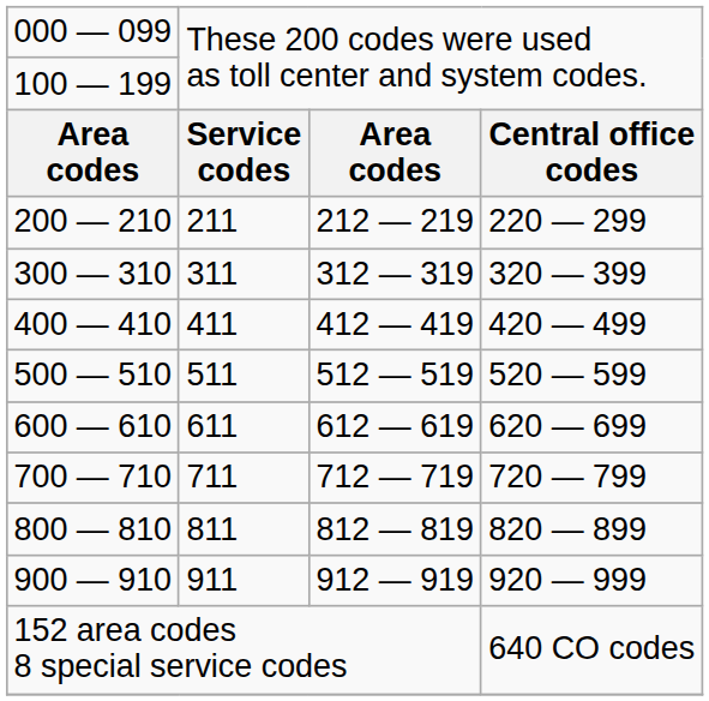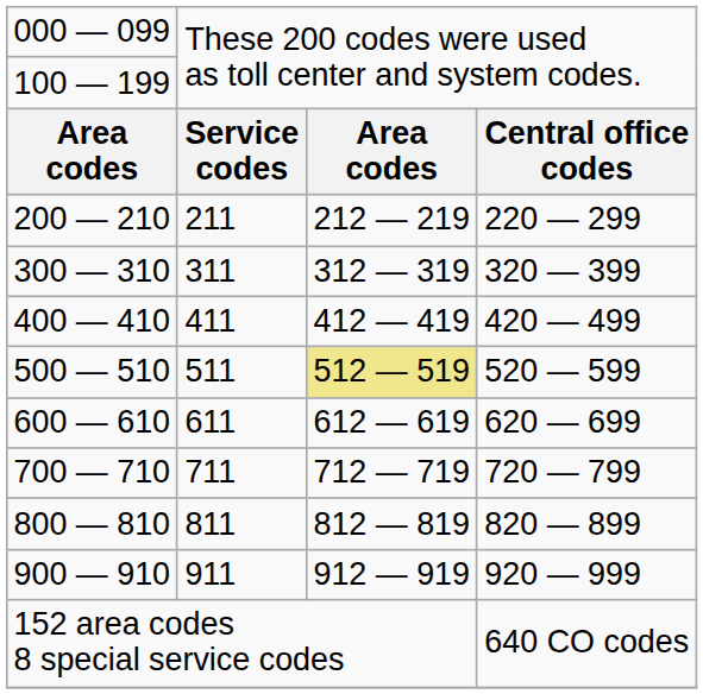 <table class=wikitable style="float:right;">
 <tr>
 <td>000 — 099</td>
 <td rowspan=2 colspan=4>These 200 codes were used<br> as toll center and system codes.</td>
 </tr>
 <tr>
 <td>100 — 199</td>
 </tr>
 <tr>
 <th>Area<br>codes</th>
 <th>Service<br>codes</th>
 <th>Area<br>codes</th>
 <th>Central office<br>codes</th>
 </tr>
 <tr>
 <td>200 — 210</td>
 <td>211</td>
 <td>212 — 219</td>
 <td>220 — 299</td>
 </tr>
 <tr>
 <td>300 — 310</td>
 <td>311</td>
 <td>312 — 319</td>
 <td>320 — 399</td>
 </tr>
 <tr>
 <td>400 — 410</td>
 <td>411</td>
 <td>412 — 419</td>
 <td>420 — 499</td>
 </tr>
 <tr>
 <td>500 — 510</td>
 <td>511</td>
-<td>512 — 519</td>
+<td style="background: khaki;">512 — 519</td>
 <td>520 — 599</td>
 </tr>
 <tr>
 <td>600 — 610</td>
 <td>611</td>
 <td>612 — 619</td>
 <td>620 — 699</td>
 </tr>
 <tr>
 <td>700 — 710</td>
 <td>711</td>
 <td>712 — 719</td>
 <td>720 — 799</td>
 </tr>
 <tr>
 <td>800 — 810</td>
 <td>811</td>
 <td>812 — 819</td>
 <td>820 — 899</td>
 </tr>
 <tr>
 <td>900 — 910</td>
 <td>911</td>
 <td>912 — 919</td>
 <td>920 — 999</td>
 </tr>
 <tr>
 <td colspan=3>152 area codes<br>8 special service codes</td>
 <td>640 CO codes</td>
 </tr>
 <tr>
 </tr>
 </table>
